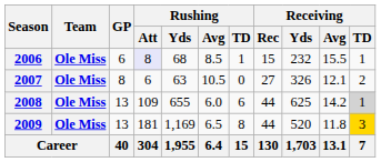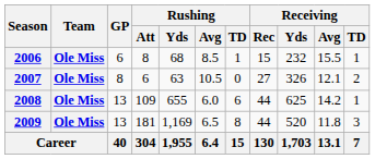 <table class="wikitable" style="text-align:center;">
 <tr>
 <th rowspan="2">Season</th>
 <th rowspan="2">Team</th>
 <th rowspan="2">GP</th>
 <th colspan="4">Rushing</th>
 <th colspan="4">Receiving</th>
 </tr>
 <tr>
 <th>Att</th>
 <th>Yds</th>
 <th>Avg</th>
 <th>TD</th>
 <th>Rec</th>
 <th>Yds</th>
 <th>Avg</th>
 <th>TD</th>
 </tr>
 <tr>
 <th><a href='#'>2006</a></th>
 <th><a href='#'>Ole Miss</a></th>
 <td>6</td>
-<td style="background: lavender;">8</td>
+<td>8</td>
 <td>68</td>
 <td>8.5</td>
 <td>1</td>
 <td>15</td>
 <td>232</td>
 <td>15.5</td>
 <td>1</td>
 </tr>
 <tr>
 <th><a href='#'>2007</a></th>
 <th><a href='#'>Ole Miss</a></th>
 <td>8</td>
 <td>6</td>
 <td>63</td>
 <td>10.5</td>
 <td>0</td>
 <td>27</td>
 <td>326</td>
 <td>12.1</td>
 <td>2</td>
 </tr>
 <tr>
 <th><a href='#'>2008</a></th>
 <th><a href='#'>Ole Miss</a></th>
 <td>13</td>
 <td>109</td>
 <td>655</td>
 <td>6.0</td>
 <td>6</td>
 <td>44</td>
 <td>625</td>
 <td>14.2</td>
-<td style="background: lightgrey;">1</td>
+<td>1</td>
 </tr>
 <tr>
 <th><a href='#'>2009</a></th>
 <th><a href='#'>Ole Miss</a></th>
 <td>13</td>
 <td>181</td>
 <td>1,169</td>
 <td>6.5</td>
 <td>8</td>
 <td>44</td>
 <td>520</td>
 <td>11.8</td>
-<td style="background: gold;">3</td>
+<td>3</td>
 </tr>
 <tr>
 <th colspan="2">Career</th>
 <th>40</th>
 <th>304</th>
 <th>1,955</th>
 <th>6.4</th>
 <th>15</th>
 <th>130</th>
 <th>1,703</th>
 <th>13.1</th>
 <th>7</th>
 </tr>
 </table>
